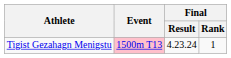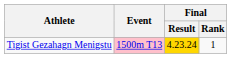 <table class=wikitable style="font-size:90%">
 <tr>
 <th rowspan="2">Athlete</th>
 <th rowspan="2">Event</th>
 <th colspan="2">Final</th>
 </tr>
 <tr>
 <th>Result</th>
 <th>Rank</th>
 </tr>
 <tr align=center>
 <td align=left><a href='#'>Tigist Gezahagn Menigstu</a></td>
 <td align=left style="background: pink;"><a href='#'>1500m T13</a></td>
-<td>4.23.24</td>
+<td style="background: gold;">4.23.24</td>
 <td>1</td>
 </tr>
 </table>
